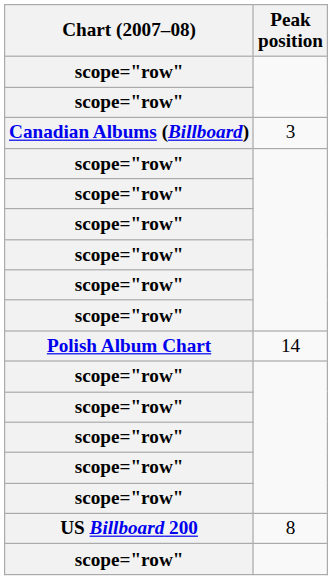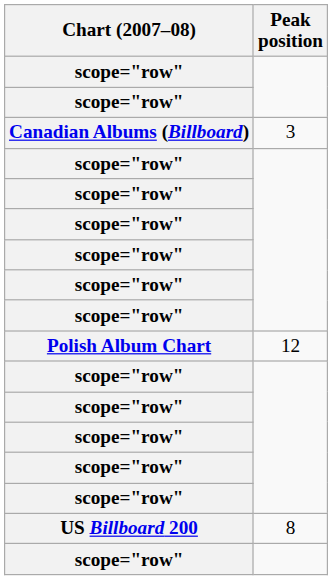 <table class="wikitable sortable plainrowheaders">
 <tr>
 <th>Chart (2007–08)</th>
 <th>Peak<br>position</th>
 </tr>
 <tr>
 <th>scope="row" </th>
 </tr>
 <tr>
 <th>scope="row" </th>
 </tr>
 <tr>
 <th scope="row"><a href='#'>Canadian Albums</a> (<em><a href='#'>Billboard</a></em>)</th>
 <td align="center">3</td>
 </tr>
 <tr>
 <th>scope="row" </th>
 </tr>
 <tr>
 <th>scope="row" </th>
 </tr>
 <tr>
 <th>scope="row" </th>
 </tr>
 <tr>
 <th>scope="row" </th>
 </tr>
 <tr>
 <th>scope="row" </th>
 </tr>
 <tr>
 <th>scope="row" </th>
 </tr>
 <tr>
 <th scope="row"><a href='#'>Polish Album Chart</a></th>
-<td align="center">14</td>
+<td align="center">12</td>
 </tr>
 <tr>
 <th>scope="row" </th>
 </tr>
 <tr>
 <th>scope="row" </th>
 </tr>
 <tr>
 <th>scope="row" </th>
 </tr>
 <tr>
 <th>scope="row" </th>
 </tr>
 <tr>
 <th>scope="row" </th>
 </tr>
 <tr>
 <th scope="row">US <a href='#'><em>Billboard</em> 200</a></th>
 <td align="center">8</td>
 </tr>
 <tr>
 <th>scope="row" </th>
 </tr>
 </table>
